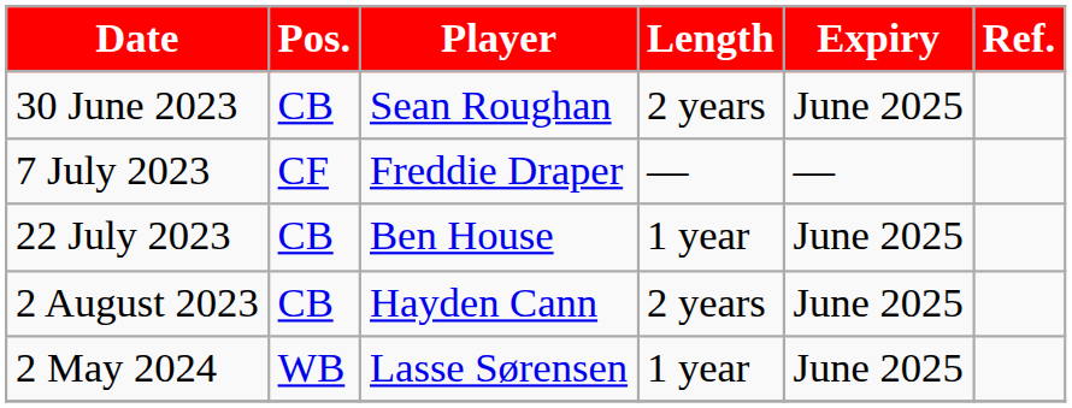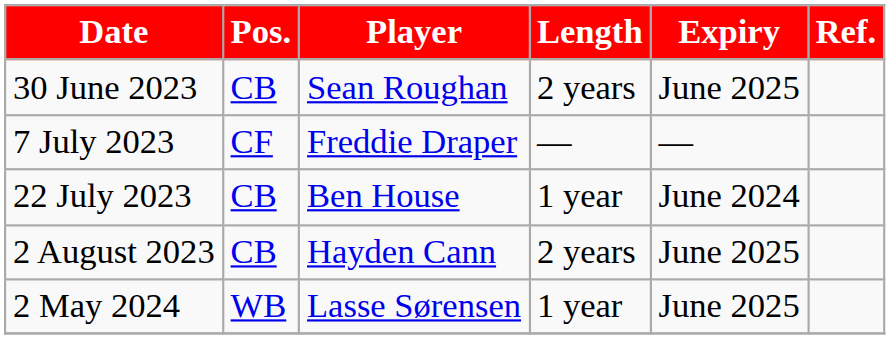 <table class="wikitable plainrowheaders sortable">
 <tr>
 <th style="background:#FF0000; color:#ffffff; ">Date</th>
 <th style="background:#FF0000; color:#ffffff; ">Pos.</th>
 <th style="background:#FF0000; color:#ffffff; ">Player</th>
 <th style="background:#FF0000; color:#ffffff; ">Length</th>
 <th style="background:#FF0000; color:#ffffff; ">Expiry</th>
 <th style="background:#FF0000; color:#ffffff; ">Ref.</th>
 </tr>
 <tr>
 <td>30 June 2023</td>
 <td><a href='#'>CB</a></td>
 <td> <a href='#'>Sean Roughan</a></td>
 <td>2 years</td>
 <td>June 2025</td>
 <td></td>
 </tr>
 <tr>
 <td>7 July 2023</td>
 <td><a href='#'>CF</a></td>
 <td> <a href='#'>Freddie Draper</a></td>
 <td>—</td>
 <td>—</td>
 <td></td>
 </tr>
 <tr>
 <td>22 July 2023</td>
 <td><a href='#'>CB</a></td>
 <td> <a href='#'>Ben House</a></td>
 <td>1 year</td>
-<td>June 2025</td>
+<td>June 2024</td>
 <td></td>
 </tr>
 <tr>
 <td>2 August 2023</td>
 <td><a href='#'>CB</a></td>
 <td> <a href='#'>Hayden Cann</a></td>
 <td>2 years</td>
 <td>June 2025</td>
 <td></td>
 </tr>
 <tr>
 <td>2 May 2024</td>
 <td><a href='#'>WB</a></td>
 <td> <a href='#'>Lasse Sørensen</a></td>
 <td>1 year</td>
 <td>June 2025</td>
 <td></td>
 </tr>
 <tr>
 </tr>
 </table>
